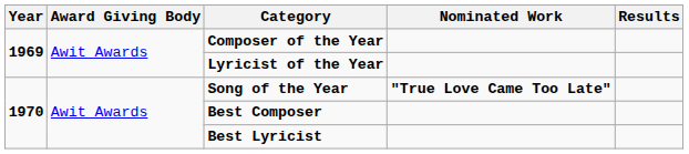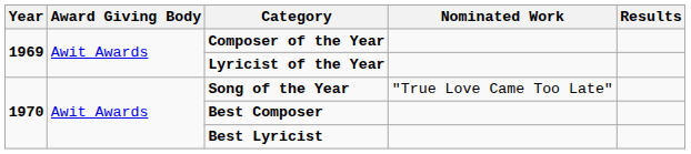 <table class="wikitable">
 <tr>
 <th>Year</th>
 <th>Award Giving Body</th>
 <th>Category</th>
 <th>Nominated Work</th>
 <th>Results</th>
 </tr>
 <tr>
 <td rowspan=2><strong>1969</strong></td>
 <td rowspan=2><a href='#'>Awit Awards</a></td>
 <td><strong>Composer of the Year</strong></td>
 <td></td>
 <td></td>
 </tr>
 <tr>
 <td><strong>Lyricist of the Year</strong></td>
 <td></td>
 <td></td>
 </tr>
 <tr>
 <td rowspan=3><strong>1970</strong></td>
 <td rowspan=3><a href='#'>Awit Awards</a></td>
 <td><strong>Song of the Year</strong></td>
-<td align=center><strong>"True Love Came Too Late"</strong></td>
+<td align=center>"True Love Came Too Late"</td>
 <td></td>
 </tr>
 <tr>
 <td><strong>Best Composer</strong></td>
 <td></td>
 <td></td>
 </tr>
 <tr>
 <td><strong>Best Lyricist</strong></td>
 <td></td>
 <td></td>
 </tr>
 </table>
